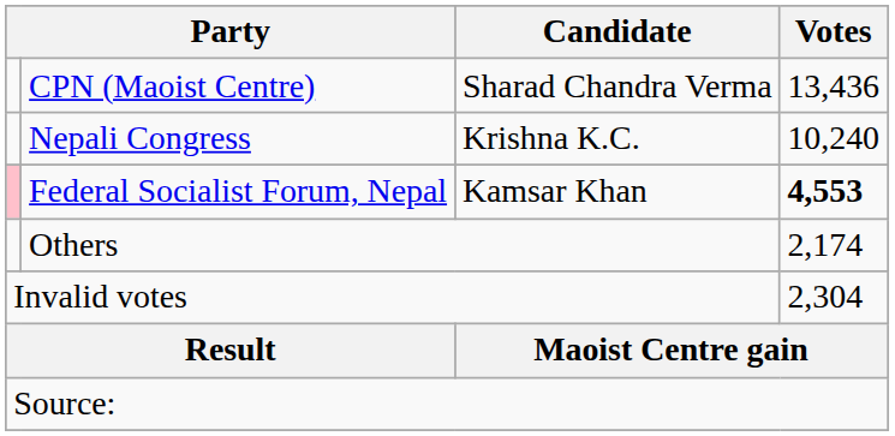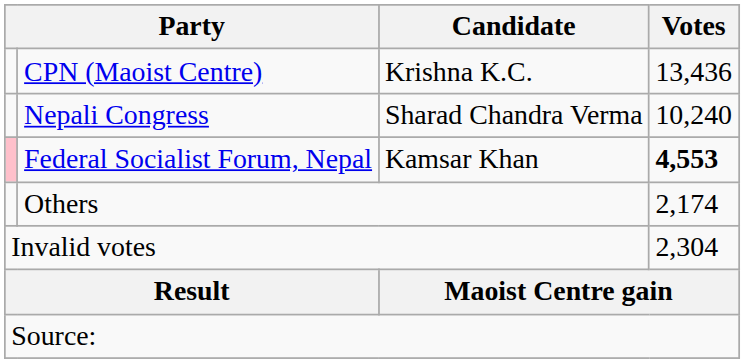 <table class="wikitable">
 <tr>
 <th colspan="2">Party</th>
 <th>Candidate</th>
 <th>Votes</th>
 </tr>
 <tr>
 <td style="background-color:"></td>
 <td><a href='#'>CPN (Maoist Centre)</a></td>
-<td>Sharad Chandra Verma</td>
+<td>Krishna K.C.</td>
 <td>13,436</td>
 </tr>
 <tr>
 <td style="background-color:"></td>
 <td><a href='#'>Nepali Congress</a></td>
-<td>Krishna K.C.</td>
+<td>Sharad Chandra Verma</td>
 <td>10,240</td>
 </tr>
 <tr>
 <td style="background-color:pink"></td>
 <td><a href='#'>Federal Socialist Forum, Nepal</a></td>
 <td>Kamsar Khan</td>
 <td><strong>4,553</strong></td>
 </tr>
 <tr>
 <td></td>
 <td colspan="2">Others</td>
 <td>2,174</td>
 </tr>
 <tr>
 <td colspan="3">Invalid votes</td>
 <td>2,304</td>
 </tr>
 <tr>
 <th colspan="2">Result</th>
 <th colspan="2">Maoist Centre gain</th>
 </tr>
 <tr>
 <td colspan="4">Source: </td>
 </tr>
 </table>
